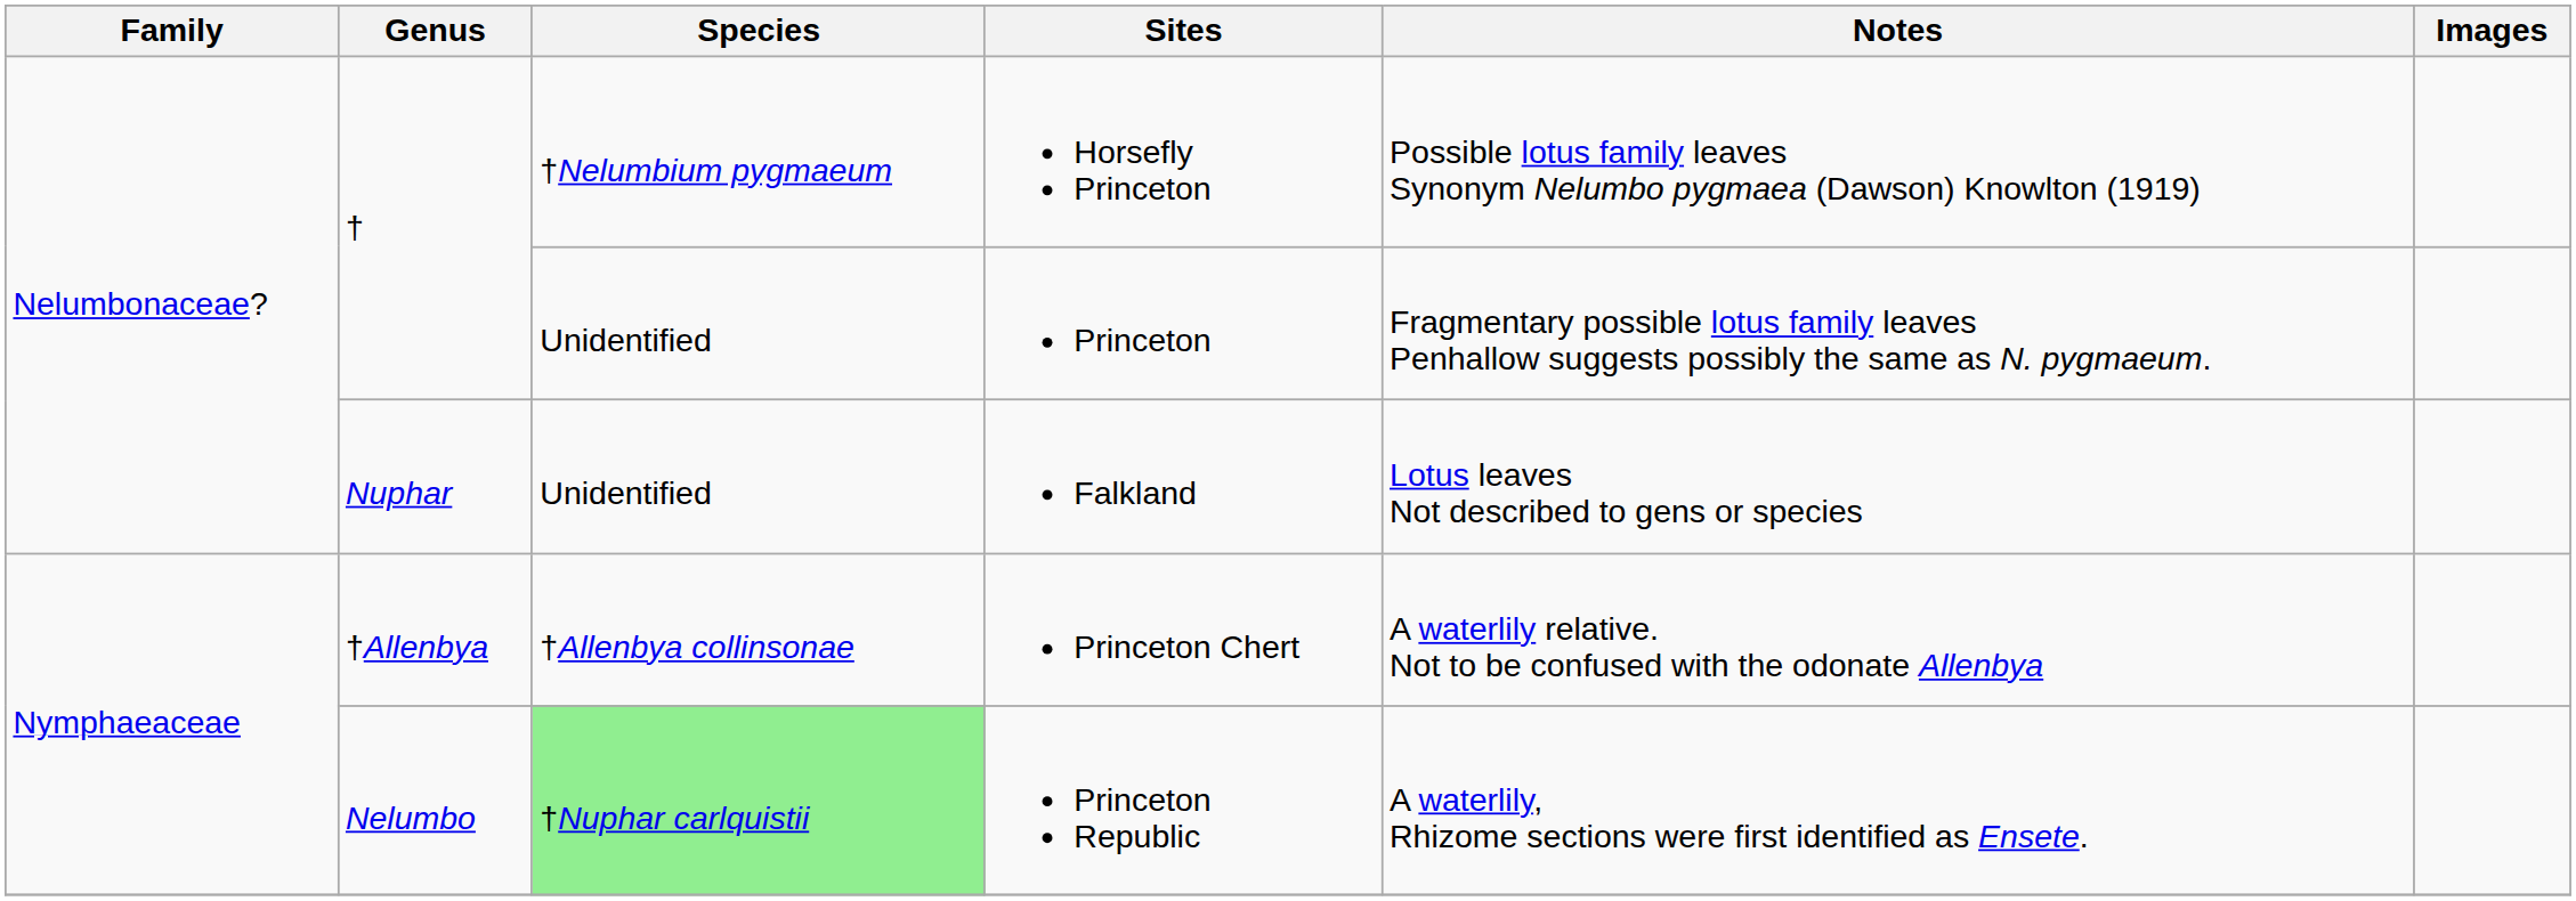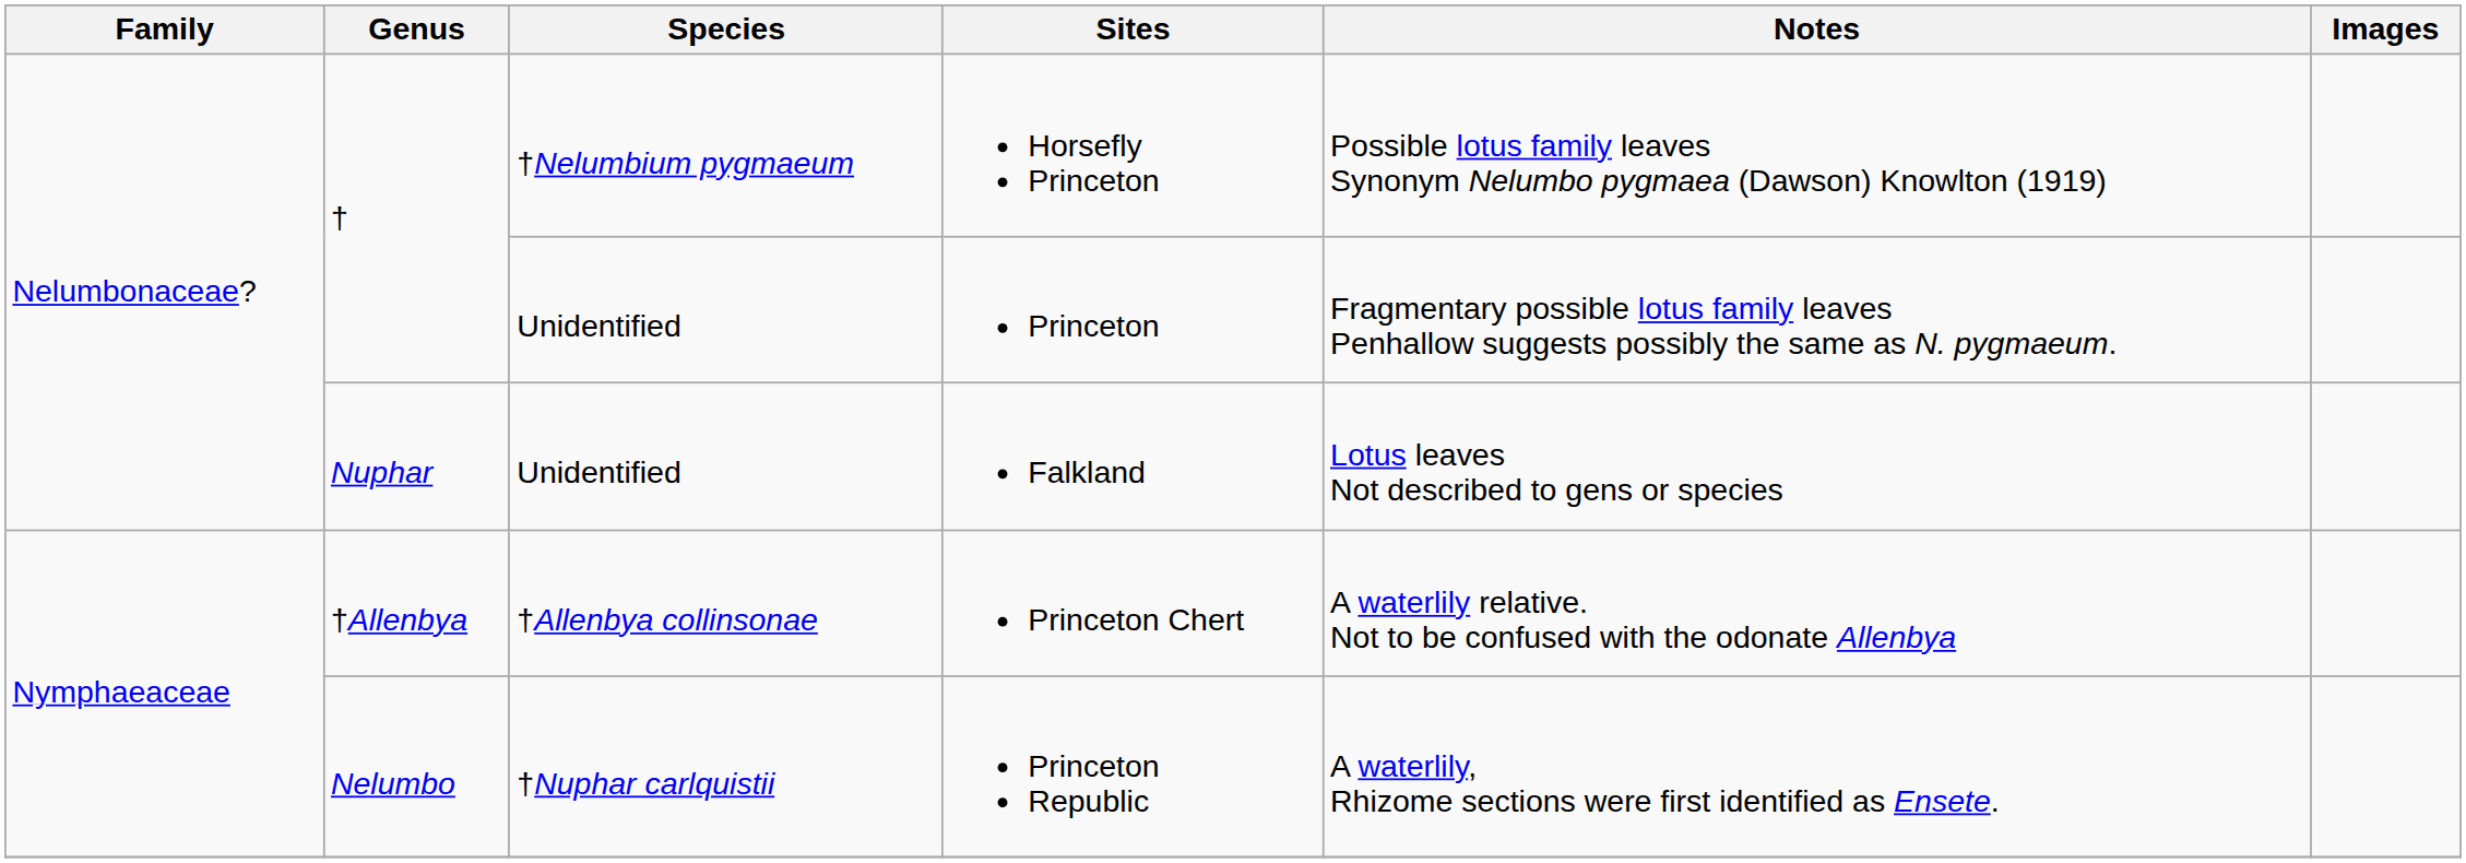 <table class="wikitable sortable"  style="margin:auto; width:100%;">
 <tr>
 <th>Family</th>
 <th>Genus</th>
 <th>Species</th>
 <th>Sites</th>
 <th>Notes</th>
 <th>Images</th>
 </tr>
 <tr>
 <td rowspan=3><a href='#'>Nelumbonaceae</a>?</td>
 <td rowspan=2>†</td>
 <td><br>†<em><a href='#'>Nelumbium pygmaeum</a></em></td>
 <td><br><ul><li>Horsefly</li><li>Princeton</li></ul></td>
 <td><br>Possible <a href='#'>lotus family</a> leaves<br>Synonym <em>Nelumbo pygmaea</em> (Dawson) Knowlton (1919)</td>
 <td></td>
 </tr>
 <tr>
 <td><br>Unidentified</td>
 <td><br><ul><li>Princeton</li></ul></td>
 <td><br>Fragmentary possible <a href='#'>lotus family</a> leaves<br>Penhallow suggests possibly the same as <em>N. pygmaeum</em>.</td>
 <td></td>
 </tr>
 <tr>
 <td><br><em><a href='#'>Nuphar</a></em></td>
 <td><br>Unidentified</td>
 <td><br><ul><li>Falkland</li></ul></td>
 <td><br><a href='#'>Lotus</a> leaves<br>Not described to gens or species</td>
 <td></td>
 </tr>
 <tr>
 <td rowspan=2><a href='#'>Nymphaeaceae</a></td>
 <td><br>†<em><a href='#'>Allenbya</a></em></td>
 <td><br>†<em><a href='#'>Allenbya collinsonae</a></em></td>
 <td><br><ul><li>Princeton Chert</li></ul></td>
 <td><br>A <a href='#'>waterlily</a> relative.<br>Not to be confused with the odonate <em><a href='#'>Allenbya</a></em></td>
 <td></td>
 </tr>
 <tr>
 <td><br><em><a href='#'>Nelumbo</a></em></td>
-<td style="background: lightgreen;"><br>†<em><a href='#'>Nuphar carlquistii</a></em></td>
+<td><br>†<em><a href='#'>Nuphar carlquistii</a></em></td>
 <td><br><ul><li>Princeton</li><li>Republic</li></ul></td>
 <td><br>A <a href='#'>waterlily</a>,<br> Rhizome sections were first identified as <em><a href='#'>Ensete</a></em>.</td>
 <td><br></td>
 </tr>
 <tr>
 </tr>
 </table>
